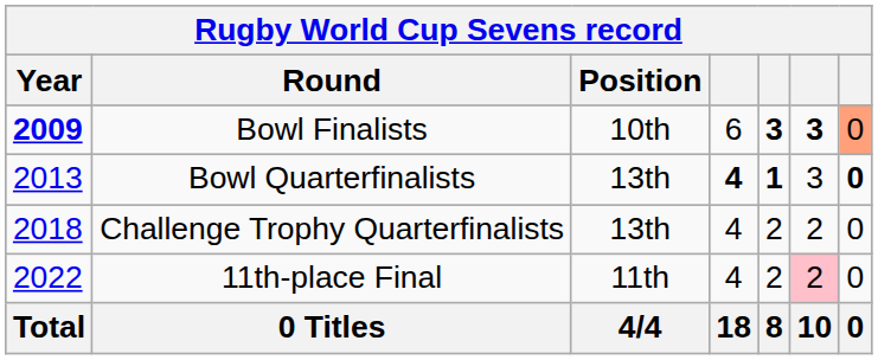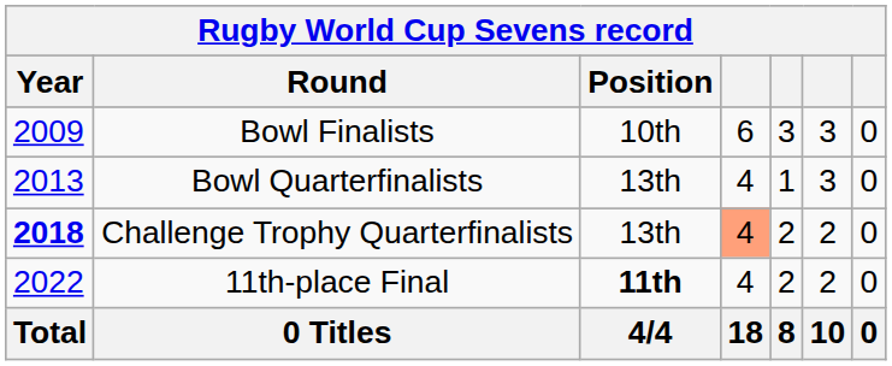 <table class="wikitable" style="text-align: center;">
 <tr>
 <th colspan=10><a href='#'>Rugby World Cup Sevens record</a></th>
 </tr>
 <tr>
 <th>Year</th>
 <th>Round</th>
 <th>Position</th>
 <th></th>
 <th></th>
 <th></th>
 <th></th>
 </tr>
 <tr>
-<td align=left><strong> <a href='#'>2009</a></strong></td>
+<td align=left> <a href='#'>2009</a></td>
 <td>Bowl Finalists</td>
 <td>10th</td>
 <td>6</td>
-<td><strong>3</strong></td>
-<td><strong>3</strong></td>
-<td style="background: lightsalmon;">0</td>
+<td>3</td>
+<td>3</td>
+<td>0</td>
 </tr>
 <tr>
 <td align=left> <a href='#'>2013</a></td>
 <td>Bowl Quarterfinalists</td>
 <td>13th</td>
-<td><strong>4</strong></td>
-<td><strong>1</strong></td>
+<td>4</td>
+<td>1</td>
 <td>3</td>
-<td><strong>0</strong></td>
+<td>0</td>
 </tr>
 <tr>
-<td align=left> <a href='#'>2018</a></td>
+<td align=left><strong> <a href='#'>2018</a></strong></td>
 <td>Challenge Trophy Quarterfinalists</td>
 <td>13th</td>
-<td>4</td>
+<td style="background: lightsalmon;">4</td>
 <td>2</td>
 <td>2</td>
 <td>0</td>
 </tr>
 <tr>
 <td align=left> <a href='#'>2022</a></td>
 <td rowspan="1">11th-place Final</td>
-<td>11th</td>
+<td><strong>11th</strong></td>
 <td>4</td>
 <td>2</td>
-<td style="background: pink;">2</td>
+<td>2</td>
 <td>0</td>
 </tr>
 <tr>
 <th>Total</th>
 <th>0 Titles</th>
 <th>4/4</th>
 <th>18</th>
 <th>8</th>
 <th>10</th>
 <th>0</th>
 </tr>
 </table>
